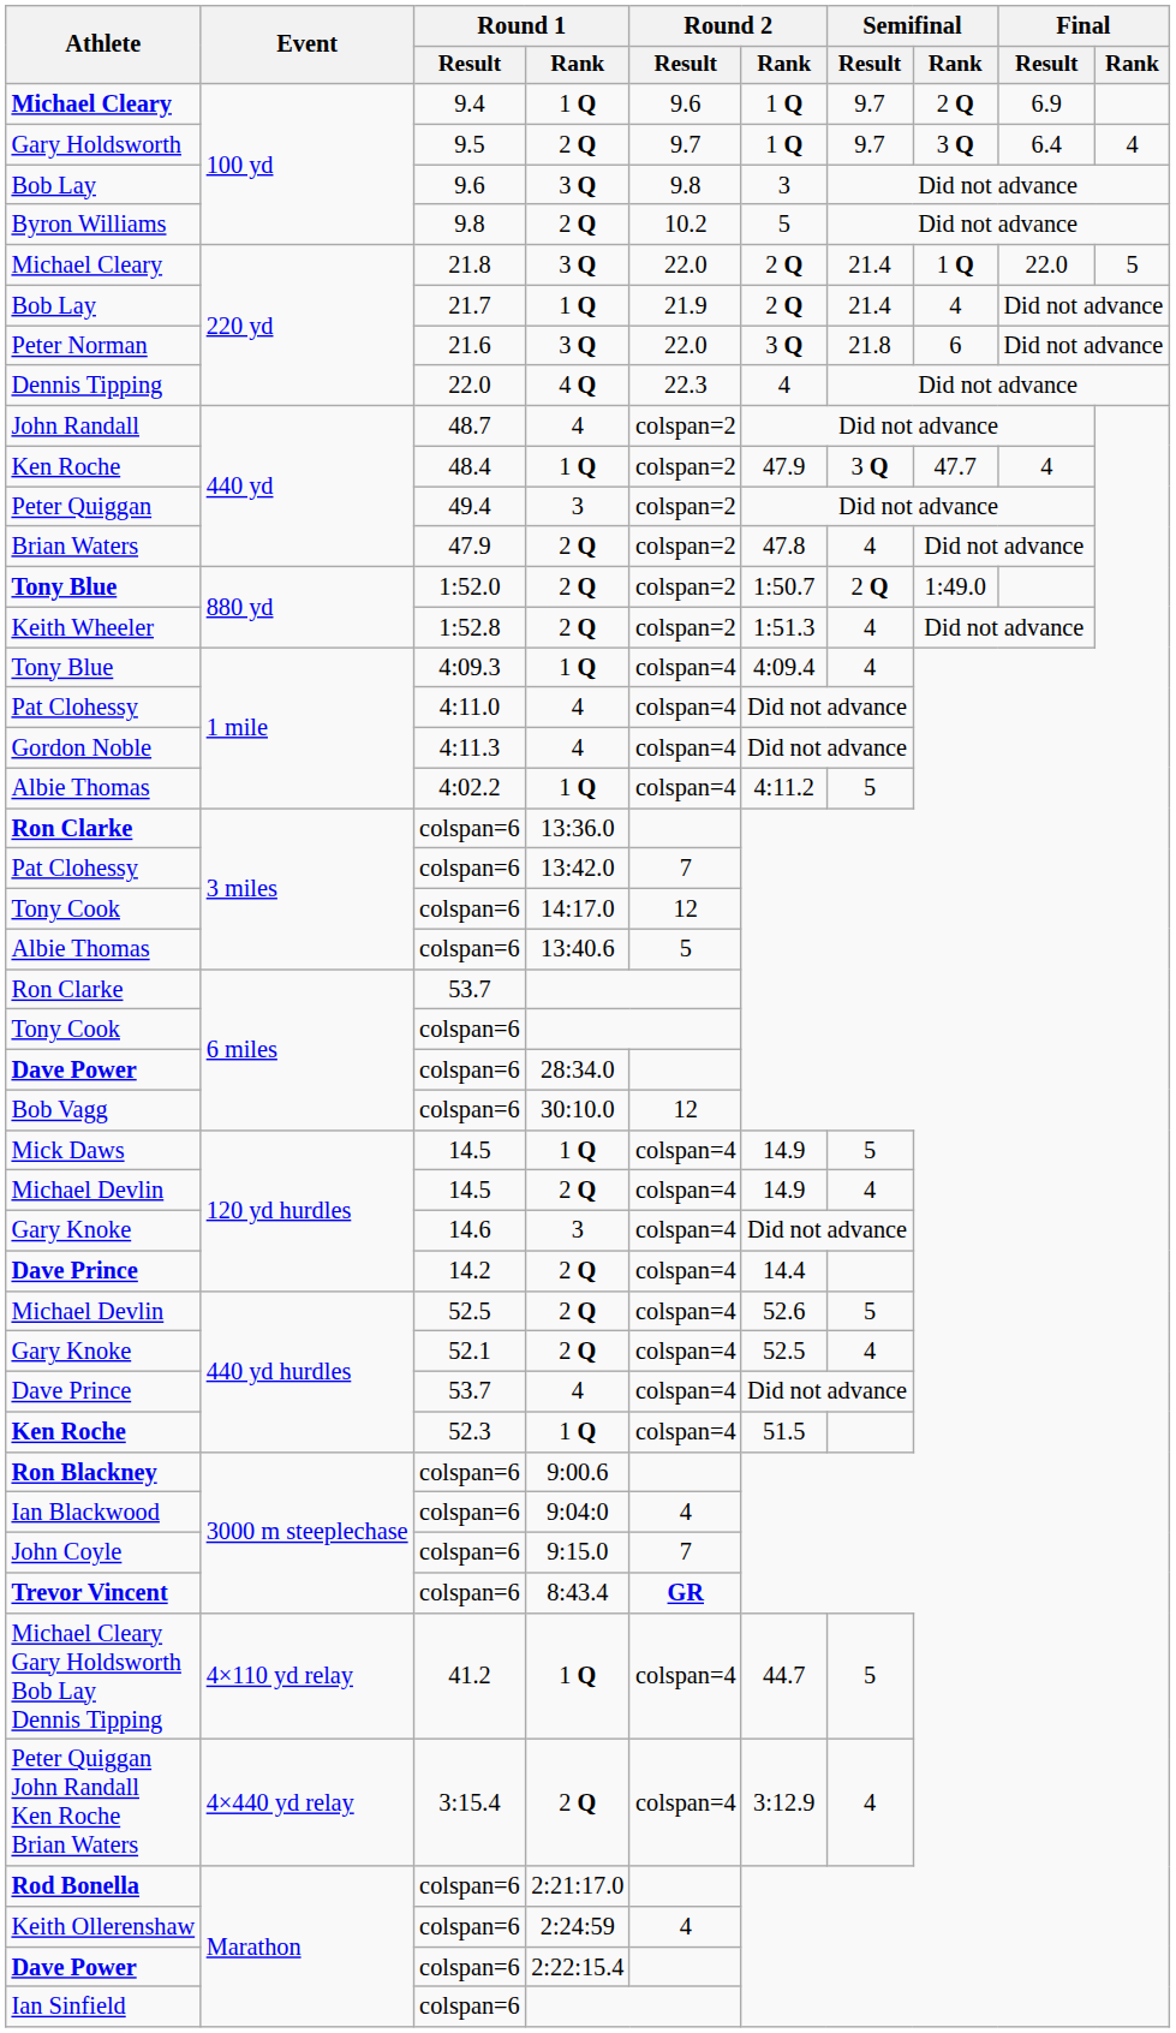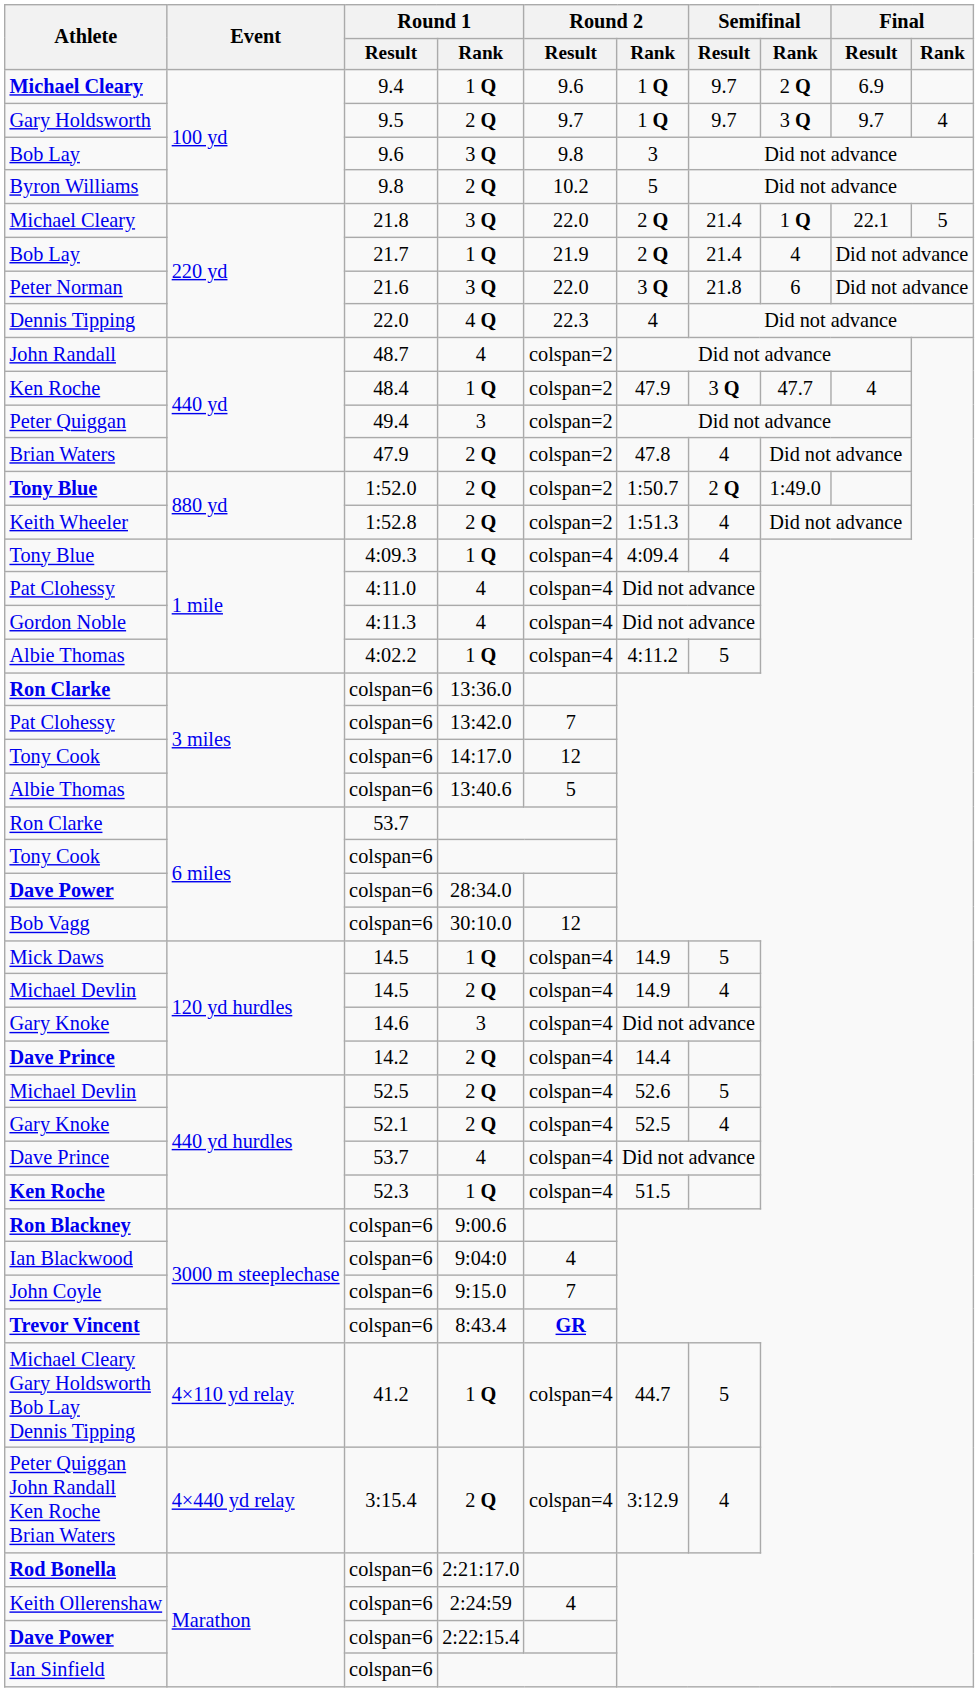 <table class=wikitable style=font-size:90%>
 <tr>
 <th rowspan=2>Athlete</th>
 <th rowspan=2>Event</th>
 <th colspan=2>Round 1</th>
 <th colspan=2>Round 2</th>
 <th colspan=2>Semifinal</th>
 <th colspan=2>Final</th>
 </tr>
 <tr style=font-size:95%>
 <th>Result</th>
 <th>Rank</th>
 <th>Result</th>
 <th>Rank</th>
 <th>Result</th>
 <th>Rank</th>
 <th>Result</th>
 <th>Rank</th>
 </tr>
 <tr align=center>
 <td align=left><strong><a href='#'>Michael Cleary</a></strong></td>
 <td align=left rowspan=4><a href='#'>100 yd</a></td>
 <td>9.4</td>
 <td>1 <strong>Q</strong></td>
 <td>9.6</td>
 <td>1 <strong>Q</strong></td>
 <td>9.7</td>
 <td>2 <strong>Q</strong></td>
 <td>6.9</td>
 <td></td>
 </tr>
 <tr align=center>
 <td align=left><a href='#'>Gary Holdsworth</a></td>
 <td>9.5</td>
 <td>2 <strong>Q</strong></td>
 <td>9.7</td>
 <td>1 <strong>Q</strong></td>
 <td>9.7</td>
 <td>3 <strong>Q</strong></td>
-<td>6.4</td>
+<td>9.7</td>
 <td>4</td>
 </tr>
 <tr align=center>
 <td align=left><a href='#'>Bob Lay</a></td>
 <td>9.6</td>
 <td>3 <strong>Q</strong></td>
 <td>9.8</td>
 <td>3</td>
 <td colspan=4>Did not advance</td>
 </tr>
 <tr align=center>
 <td align=left><a href='#'>Byron Williams</a></td>
 <td>9.8</td>
 <td>2 <strong>Q</strong></td>
 <td>10.2</td>
 <td>5</td>
 <td colspan=4>Did not advance</td>
 </tr>
 <tr align=center>
 <td align=left><a href='#'>Michael Cleary</a></td>
 <td align=left rowspan=4><a href='#'>220 yd</a></td>
 <td>21.8</td>
 <td>3 <strong>Q</strong></td>
 <td>22.0</td>
 <td>2 <strong>Q</strong></td>
 <td>21.4</td>
 <td>1 <strong>Q</strong></td>
-<td>22.0</td>
+<td>22.1</td>
 <td>5</td>
 </tr>
 <tr align=center>
 <td align=left><a href='#'>Bob Lay</a></td>
 <td>21.7</td>
 <td>1 <strong>Q</strong></td>
 <td>21.9</td>
 <td>2 <strong>Q</strong></td>
 <td>21.4</td>
 <td>4</td>
 <td colspan=2>Did not advance</td>
 </tr>
 <tr align=center>
 <td align=left><a href='#'>Peter Norman</a></td>
 <td>21.6</td>
 <td>3 <strong>Q</strong></td>
 <td>22.0</td>
 <td>3 <strong>Q</strong></td>
 <td>21.8</td>
 <td>6</td>
 <td colspan=2>Did not advance</td>
 </tr>
 <tr align=center>
 <td align=left><a href='#'>Dennis Tipping</a></td>
 <td>22.0</td>
 <td>4 <strong>Q</strong></td>
 <td>22.3</td>
 <td>4</td>
 <td colspan=4>Did not advance</td>
 </tr>
 <tr align=center>
 <td align=left><a href='#'>John Randall</a></td>
 <td align=left rowspan=4><a href='#'>440 yd</a></td>
 <td>48.7</td>
 <td>4</td>
 <td>colspan=2 </td>
 <td colspan=4>Did not advance</td>
 </tr>
 <tr align=center>
 <td align=left><a href='#'>Ken Roche</a></td>
 <td>48.4</td>
 <td>1 <strong>Q</strong></td>
 <td>colspan=2 </td>
 <td>47.9</td>
 <td>3 <strong>Q</strong></td>
 <td>47.7</td>
 <td>4</td>
 </tr>
 <tr align=center>
 <td align=left><a href='#'>Peter Quiggan</a></td>
 <td>49.4</td>
 <td>3</td>
 <td>colspan=2 </td>
 <td colspan=4>Did not advance</td>
 </tr>
 <tr align=center>
 <td align=left><a href='#'>Brian Waters</a></td>
 <td>47.9</td>
 <td>2 <strong>Q</strong></td>
 <td>colspan=2 </td>
 <td>47.8</td>
 <td>4</td>
 <td colspan=2>Did not advance</td>
 </tr>
 <tr align=center>
 <td align=left><strong><a href='#'>Tony Blue</a></strong></td>
 <td align=left rowspan=2><a href='#'>880 yd</a></td>
 <td>1:52.0</td>
 <td>2 <strong>Q</strong></td>
 <td>colspan=2 </td>
 <td>1:50.7</td>
 <td>2 <strong>Q</strong></td>
 <td>1:49.0</td>
 <td></td>
 </tr>
 <tr align=center>
 <td align=left><a href='#'>Keith Wheeler</a></td>
 <td>1:52.8</td>
 <td>2 <strong>Q</strong></td>
 <td>colspan=2 </td>
 <td>1:51.3</td>
 <td>4</td>
 <td colspan=2>Did not advance</td>
 </tr>
 <tr align=center>
 <td align=left><a href='#'>Tony Blue</a></td>
 <td align=left rowspan=4><a href='#'>1 mile</a></td>
 <td>4:09.3</td>
 <td>1 <strong>Q</strong></td>
 <td>colspan=4 </td>
 <td>4:09.4</td>
 <td>4</td>
 </tr>
 <tr align=center>
 <td align=left><a href='#'>Pat Clohessy</a></td>
 <td>4:11.0</td>
 <td>4</td>
 <td>colspan=4 </td>
 <td colspan=2>Did not advance</td>
 </tr>
 <tr align=center>
 <td align=left><a href='#'>Gordon Noble</a></td>
 <td>4:11.3</td>
 <td>4</td>
 <td>colspan=4 </td>
 <td colspan=2>Did not advance</td>
 </tr>
 <tr align=center>
 <td align=left><a href='#'>Albie Thomas</a></td>
 <td>4:02.2</td>
 <td>1 <strong>Q</strong></td>
 <td>colspan=4 </td>
 <td>4:11.2</td>
 <td>5</td>
 </tr>
 <tr align=center>
 <td align=left><strong><a href='#'>Ron Clarke</a></strong></td>
 <td align=left rowspan=4><a href='#'>3 miles</a></td>
 <td>colspan=6 </td>
 <td>13:36.0</td>
 <td></td>
 </tr>
 <tr align=center>
 <td align=left><a href='#'>Pat Clohessy</a></td>
 <td>colspan=6 </td>
 <td>13:42.0</td>
 <td>7</td>
 </tr>
 <tr align=center>
 <td align=left><a href='#'>Tony Cook</a></td>
 <td>colspan=6 </td>
 <td>14:17.0</td>
 <td>12</td>
 </tr>
 <tr align=center>
 <td align=left><a href='#'>Albie Thomas</a></td>
 <td>colspan=6 </td>
 <td>13:40.6</td>
 <td>5</td>
 </tr>
 <tr align=center>
 <td align=left><a href='#'>Ron Clarke</a></td>
 <td align=left rowspan=4><a href='#'>6 miles</a></td>
 <td>53.7</td>
 <td colspan=2></td>
 </tr>
 <tr align=center>
 <td align=left><a href='#'>Tony Cook</a></td>
 <td>colspan=6 </td>
 <td colspan=2></td>
 </tr>
 <tr align=center>
 <td align=left><strong><a href='#'>Dave Power</a></strong></td>
 <td>colspan=6 </td>
 <td>28:34.0</td>
 <td></td>
 </tr>
 <tr align=center>
 <td align=left><a href='#'>Bob Vagg</a></td>
 <td>colspan=6 </td>
 <td>30:10.0</td>
 <td>12</td>
 </tr>
 <tr align=center>
 <td align=left><a href='#'>Mick Daws</a></td>
 <td align=left rowspan=4><a href='#'>120 yd hurdles</a></td>
 <td>14.5</td>
 <td>1 <strong>Q</strong></td>
 <td>colspan=4 </td>
 <td>14.9</td>
 <td>5</td>
 </tr>
 <tr align=center>
 <td align=left><a href='#'>Michael Devlin</a></td>
 <td>14.5</td>
 <td>2 <strong>Q</strong></td>
 <td>colspan=4 </td>
 <td>14.9</td>
 <td>4</td>
 </tr>
 <tr align=center>
 <td align=left><a href='#'>Gary Knoke</a></td>
 <td>14.6</td>
 <td>3</td>
 <td>colspan=4 </td>
 <td colspan=2>Did not advance</td>
 </tr>
 <tr align=center>
 <td align=left><strong><a href='#'>Dave Prince</a></strong></td>
 <td>14.2</td>
 <td>2 <strong>Q</strong></td>
 <td>colspan=4 </td>
 <td>14.4</td>
 <td></td>
 </tr>
 <tr align=center>
 <td align=left><a href='#'>Michael Devlin</a></td>
 <td align=left rowspan=4><a href='#'>440 yd hurdles</a></td>
 <td>52.5</td>
 <td>2 <strong>Q</strong></td>
 <td>colspan=4 </td>
 <td>52.6</td>
 <td>5</td>
 </tr>
 <tr align=center>
 <td align=left><a href='#'>Gary Knoke</a></td>
 <td>52.1</td>
 <td>2 <strong>Q</strong></td>
 <td>colspan=4 </td>
 <td>52.5</td>
 <td>4</td>
 </tr>
 <tr align=center>
 <td align=left><a href='#'>Dave Prince</a></td>
 <td>53.7</td>
 <td>4</td>
 <td>colspan=4 </td>
 <td colspan=2>Did not advance</td>
 </tr>
 <tr align=center>
 <td align=left><strong><a href='#'>Ken Roche</a></strong></td>
 <td>52.3</td>
 <td>1 <strong>Q</strong></td>
 <td>colspan=4 </td>
 <td>51.5</td>
 <td></td>
 </tr>
 <tr align=center>
 <td align=left><strong><a href='#'>Ron Blackney</a></strong></td>
 <td align=left rowspan=4><a href='#'>3000 m steeplechase</a></td>
 <td>colspan=6 </td>
 <td>9:00.6</td>
 <td></td>
 </tr>
 <tr align=center>
 <td align=left><a href='#'>Ian Blackwood</a></td>
 <td>colspan=6 </td>
 <td>9:04:0</td>
 <td>4</td>
 </tr>
 <tr align=center>
 <td align=left><a href='#'>John Coyle</a></td>
 <td>colspan=6 </td>
 <td>9:15.0</td>
 <td>7</td>
 </tr>
 <tr align=center>
 <td align=left><strong><a href='#'>Trevor Vincent</a></strong></td>
 <td>colspan=6 </td>
 <td>8:43.4</td>
 <td> <strong><a href='#'>GR</a></strong></td>
 </tr>
 <tr align=center>
 <td align=left><a href='#'>Michael Cleary</a><br><a href='#'>Gary Holdsworth</a><br><a href='#'>Bob Lay</a><br><a href='#'>Dennis Tipping</a></td>
 <td align=left><a href='#'>4×110 yd relay</a></td>
 <td>41.2</td>
 <td>1 <strong>Q</strong></td>
 <td>colspan=4 </td>
 <td>44.7</td>
 <td>5</td>
 </tr>
 <tr align=center>
 <td align=left><a href='#'>Peter Quiggan</a><br><a href='#'>John Randall</a><br><a href='#'>Ken Roche</a><br><a href='#'>Brian Waters</a></td>
 <td align=left><a href='#'>4×440 yd relay</a></td>
 <td>3:15.4</td>
 <td>2 <strong>Q</strong></td>
 <td>colspan=4 </td>
 <td>3:12.9</td>
 <td>4</td>
 </tr>
 <tr align=center>
 <td align=left><strong><a href='#'>Rod Bonella</a></strong></td>
 <td align=left rowspan=4><a href='#'>Marathon</a></td>
 <td>colspan=6 </td>
 <td>2:21:17.0</td>
 <td></td>
 </tr>
 <tr align=center>
 <td align=left><a href='#'>Keith Ollerenshaw</a></td>
 <td>colspan=6 </td>
 <td>2:24:59</td>
 <td>4</td>
 </tr>
 <tr align=center>
 <td align=left><strong><a href='#'>Dave Power</a></strong></td>
 <td>colspan=6 </td>
 <td>2:22:15.4</td>
 <td></td>
 </tr>
 <tr align=center>
 <td align=left><a href='#'>Ian Sinfield</a></td>
 <td>colspan=6 </td>
 <td colspan=2></td>
 </tr>
 </table>
